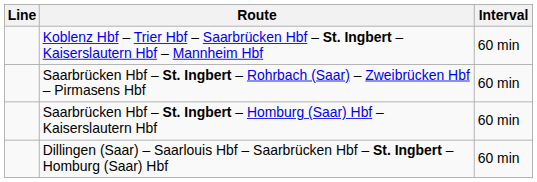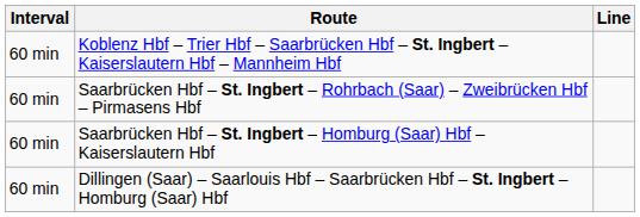 <table class="wikitable">
 <tr>
+<th width="11%">Interval</th>
+<th width="84%">Route</th>
 <th width="5%">Line</th>
-<th width="84%">Route</th>
-<th width="11%">Interval</th>
 </tr>
 <tr>
+<td>60 min</td>
+<td><a href='#'>Koblenz Hbf</a> –  <a href='#'>Trier Hbf</a> – <a href='#'>Saarbrücken Hbf</a> – <strong>St. Ingbert</strong> – <a href='#'>Kaiserslautern Hbf</a> – <a href='#'>Mannheim Hbf</a></td>
 <td></td>
-<td><a href='#'>Koblenz Hbf</a> –  <a href='#'>Trier Hbf</a> – <a href='#'>Saarbrücken Hbf</a> – <strong>St. Ingbert</strong> – <a href='#'>Kaiserslautern Hbf</a> – <a href='#'>Mannheim Hbf</a></td>
-<td>60 min</td>
 </tr>
 <tr>
+<td>60 min</td>
+<td>Saarbrücken Hbf – <strong>St. Ingbert</strong> – <a href='#'>Rohrbach (Saar)</a> – <a href='#'>Zweibrücken Hbf</a> – Pirmasens Hbf</td>
 <td></td>
-<td>Saarbrücken Hbf – <strong>St. Ingbert</strong> – <a href='#'>Rohrbach (Saar)</a> – <a href='#'>Zweibrücken Hbf</a> – Pirmasens Hbf</td>
-<td>60 min</td>
 </tr>
 <tr>
+<td>60 min</td>
+<td>Saarbrücken Hbf – <strong>St. Ingbert</strong> – <a href='#'>Homburg (Saar) Hbf</a> – Kaiserslautern Hbf</td>
 <td></td>
-<td>Saarbrücken Hbf – <strong>St. Ingbert</strong> – <a href='#'>Homburg (Saar) Hbf</a> – Kaiserslautern Hbf</td>
-<td>60 min</td>
 </tr>
 <tr>
+<td>60 min</td>
+<td>Dillingen (Saar) – Saarlouis Hbf – Saarbrücken Hbf – <strong>St. Ingbert</strong> – Homburg (Saar) Hbf</td>
 <td></td>
-<td>Dillingen (Saar) – Saarlouis Hbf – Saarbrücken Hbf – <strong>St. Ingbert</strong> – Homburg (Saar) Hbf</td>
-<td>60 min</td>
 </tr>
 </table>
